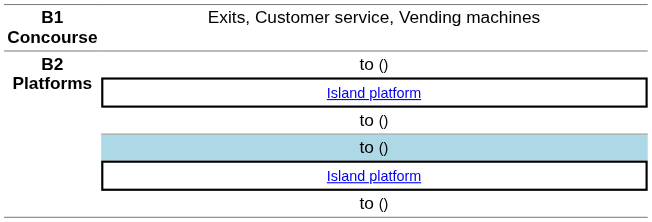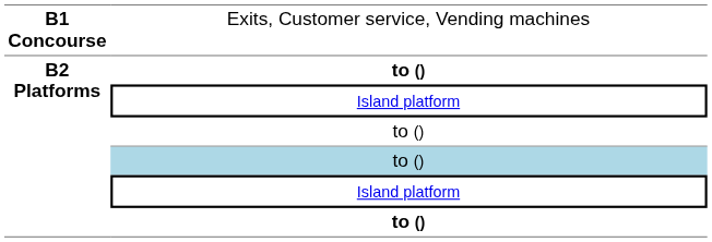 <table table border=0 cellspacing=0 cellpadding=3>
 <tr>
 <td style="border-top:solid 1px gray;text-align:center" valign=top><strong>B1<br>Concourse</strong></td>
 <td style="border-top:solid 1px gray;text-align:center;" valign=top width=500>Exits, Customer service, Vending machines</td>
 </tr>
 <tr>
 <td style="border-bottom:solid 1px gray; border-top:solid 1px gray;text-align:center" rowspan="6" valign=top><strong>B2<br>Platforms</strong></td>
-<td style="border-top:solid 1px gray;text-align:center;">  to  <small>()</small></td>
+<td style="border-top:solid 1px gray;text-align:center;"><strong>  to  <small>()</small></strong></td>
 </tr>
 <tr>
 <td style="border-right:solid 2px black;border-left:solid 2px black;border-top:solid 2px black;border-bottom:solid 2px black;text-align:center;" colspan=2><small><a href='#'>Island platform</a></small></td>
 </tr>
 <tr>
 <td style="border-bottom:solid 1px gray;text-align:center;">  to  <small>()</small></td>
 </tr>
 <tr>
 <td style="background: lightblue; text-align:center;"> to  <small>()</small> </td>
 </tr>
 <tr>
 <td style="border-right:solid 2px black;border-left:solid 2px black;border-top:solid 2px black;border-bottom:solid 2px black;text-align:center;" colspan=2><small><a href='#'>Island platform</a></small></td>
 </tr>
 <tr>
-<td style="border-bottom:solid 1px gray;text-align:center;"> to  <small>()</small> </td>
+<td style="border-bottom:solid 1px gray;text-align:center;"><strong> to  <small>()</small> </strong></td>
 </tr>
 </table>
